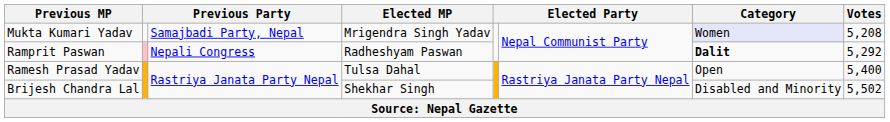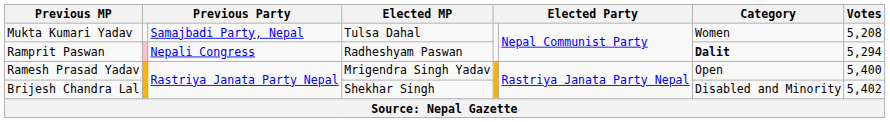 <table class="wikitable">
 <tr>
 <th>Previous MP</th>
 <th colspan="2">Previous Party</th>
 <th>Elected MP</th>
 <th colspan="2">Elected Party</th>
 <th>Category</th>
 <th>Votes</th>
 </tr>
 <tr>
 <td>Mukta Kumari Yadav</td>
 <td></td>
 <td><a href='#'>Samajbadi Party, Nepal</a></td>
-<td>Mrigendra Singh Yadav</td>
+<td>Tulsa Dahal</td>
 <td rowspan="2"></td>
 <td rowspan="2"><a href='#'>Nepal Communist Party</a></td>
-<td style="background: lavender;">Women</td>
+<td>Women</td>
 <td>5,208</td>
 </tr>
 <tr>
 <td>Ramprit Paswan</td>
 <td bgcolor="FFC0CB"></td>
 <td><a href='#'>Nepali Congress</a></td>
 <td>Radheshyam Paswan</td>
 <td><strong>Dalit</strong></td>
-<td>5,292</td>
+<td>5,294</td>
 </tr>
 <tr>
 <td>Ramesh Prasad Yadav</td>
 <td rowspan="2" bgcolor="FFb300"></td>
 <td rowspan="2"><a href='#'>Rastriya Janata Party Nepal</a></td>
-<td>Tulsa Dahal</td>
+<td>Mrigendra Singh Yadav</td>
 <td rowspan="2" bgcolor="FFb300"></td>
 <td rowspan="2"><a href='#'>Rastriya Janata Party Nepal</a></td>
 <td>Open</td>
 <td>5,400</td>
 </tr>
 <tr>
 <td>Brijesh Chandra Lal</td>
 <td>Shekhar Singh</td>
 <td>Disabled and Minority</td>
-<td>5,502</td>
+<td>5,402</td>
 </tr>
 <tr>
 <th colspan="8">Source: Nepal Gazette</th>
 </tr>
 </table>
